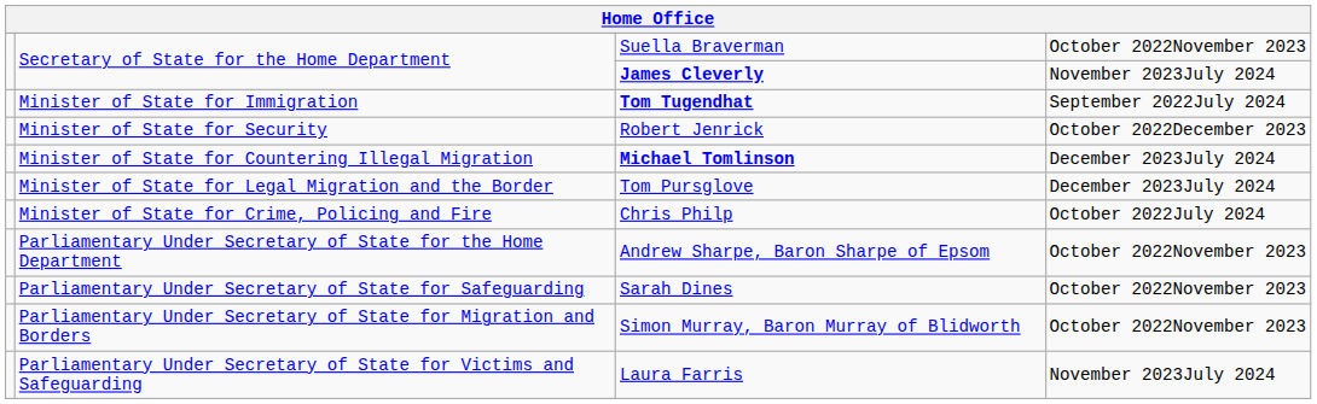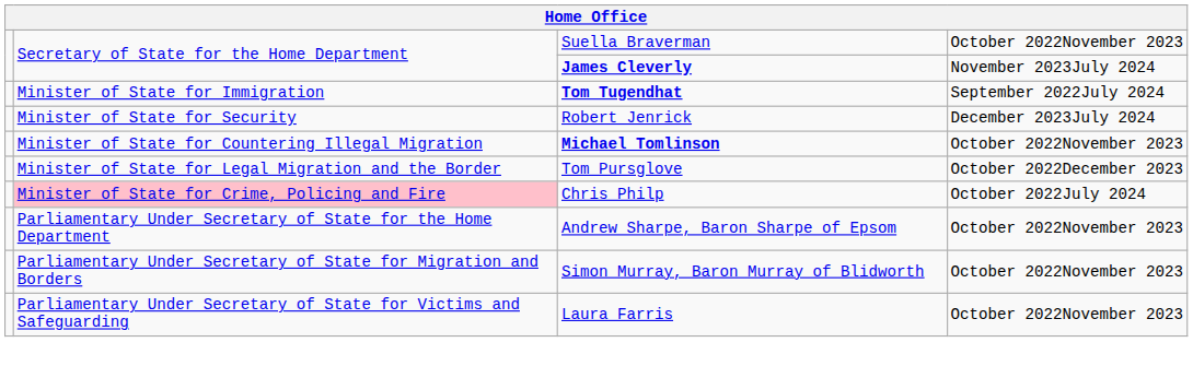 <table class="wikitable">
 <tr>
 <th colspan="4"><a href='#'>Home Office</a></th>
 </tr>
 <tr>
 <td rowspan="2" style="width: 1px; background: "></td>
 <td rowspan="2" style="width: 450px;"><a href='#'>Secretary of State for the Home Department</a></td>
 <td style="width: 320px;"><a href='#'>Suella Braverman</a></td>
 <td>October 2022November 2023</td>
 </tr>
 <tr>
 <td style="width: 320px;"><strong><a href='#'>James Cleverly</a></strong></td>
 <td>November 2023July 2024</td>
 </tr>
 <tr>
 <td rowspan="1" style="width: 1px; background: "></td>
 <td rowspan="1"><a href='#'>Minister of State for Immigration</a></td>
 <td><strong><a href='#'>Tom Tugendhat</a></strong></td>
 <td>September 2022July 2024</td>
 </tr>
 <tr>
 <td rowspan="1" style="background: "></td>
 <td rowspan="1 "><a href='#'>Minister of State for Security</a></td>
 <td><a href='#'>Robert Jenrick</a></td>
-<td>October 2022December 2023</td>
+<td>December 2023July 2024</td>
 </tr>
 <tr>
 <td rowspan="1" style="background: "></td>
 <td rowspan="1"><a href='#'>Minister of State for Countering Illegal Migration</a></td>
 <td style="width: 320px;"><strong><a href='#'>Michael Tomlinson</a></strong></td>
-<td>December 2023July 2024</td>
+<td>October 2022November 2023</td>
 </tr>
 <tr>
 <td rowspan="1" style="background: "></td>
 <td rowspan="1"><a href='#'>Minister of State for Legal Migration and the Border</a></td>
 <td style="width: 320px;"><a href='#'>Tom Pursglove</a></td>
-<td>December 2023July 2024</td>
+<td>October 2022December 2023</td>
 </tr>
 <tr>
 <td rowspan="1" style="background: "></td>
-<td rowspan="1"><a href='#'>Minister of State for Crime, Policing and Fire</a></td>
+<td rowspan="1" style="background: pink;"><a href='#'>Minister of State for Crime, Policing and Fire</a></td>
 <td><a href='#'>Chris Philp</a></td>
 <td>October 2022July 2024</td>
 </tr>
 <tr>
 <td rowspan="1" style="width: 1px; background: "></td>
 <td rowspan="1"><a href='#'>Parliamentary Under Secretary of State for the Home Department</a></td>
 <td><a href='#'>Andrew Sharpe, Baron Sharpe of Epsom</a></td>
-<td>October 2022November 2023</td>
-</tr>
-<tr>
-<td rowspan="1" style="width: 1px; background: "></td>
-<td rowspan="1"><a href='#'>Parliamentary Under Secretary of State for Safeguarding</a></td>
-<td><a href='#'>Sarah Dines</a></td>
 <td>October 2022November 2023</td>
 </tr>
 <tr>
 <td style="width: 1px; background: "></td>
 <td rowspan="1"><a href='#'>Parliamentary Under Secretary of State for Migration and Borders</a></td>
 <td><a href='#'>Simon Murray, Baron Murray of Blidworth</a></td>
 <td>October 2022November 2023</td>
 </tr>
 <tr>
 <td rowspan="1" style="width: 1px; background: "></td>
 <td><a href='#'>Parliamentary Under Secretary of State for Victims and Safeguarding</a></td>
 <td><a href='#'>Laura Farris</a> </td>
-<td>November 2023July 2024</td>
+<td>October 2022November 2023</td>
 </tr>
 </table>
